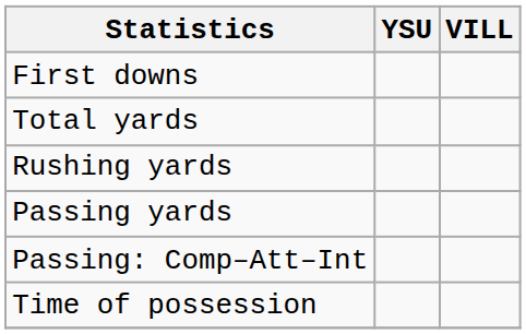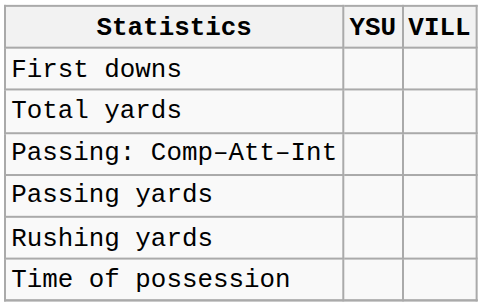 <table class="wikitable" style="float: left;">
 <tr>
 <th>Statistics</th>
 <th>YSU</th>
 <th>VILL</th>
 </tr>
 <tr>
 <td>First downs</td>
 <td></td>
 <td></td>
 </tr>
 <tr>
 <td>Total yards</td>
 <td></td>
 <td></td>
 </tr>
 <tr>
-<td>Rushing yards</td>
+<td>Passing: Comp–Att–Int</td>
 <td></td>
 <td></td>
 </tr>
 <tr>
 <td>Passing yards</td>
 <td></td>
 <td></td>
 </tr>
 <tr>
-<td>Passing: Comp–Att–Int</td>
+<td>Rushing yards</td>
 <td></td>
 <td></td>
 </tr>
 <tr>
 <td>Time of possession</td>
 <td></td>
 <td></td>
 </tr>
 <tr>
 </tr>
 </table>
